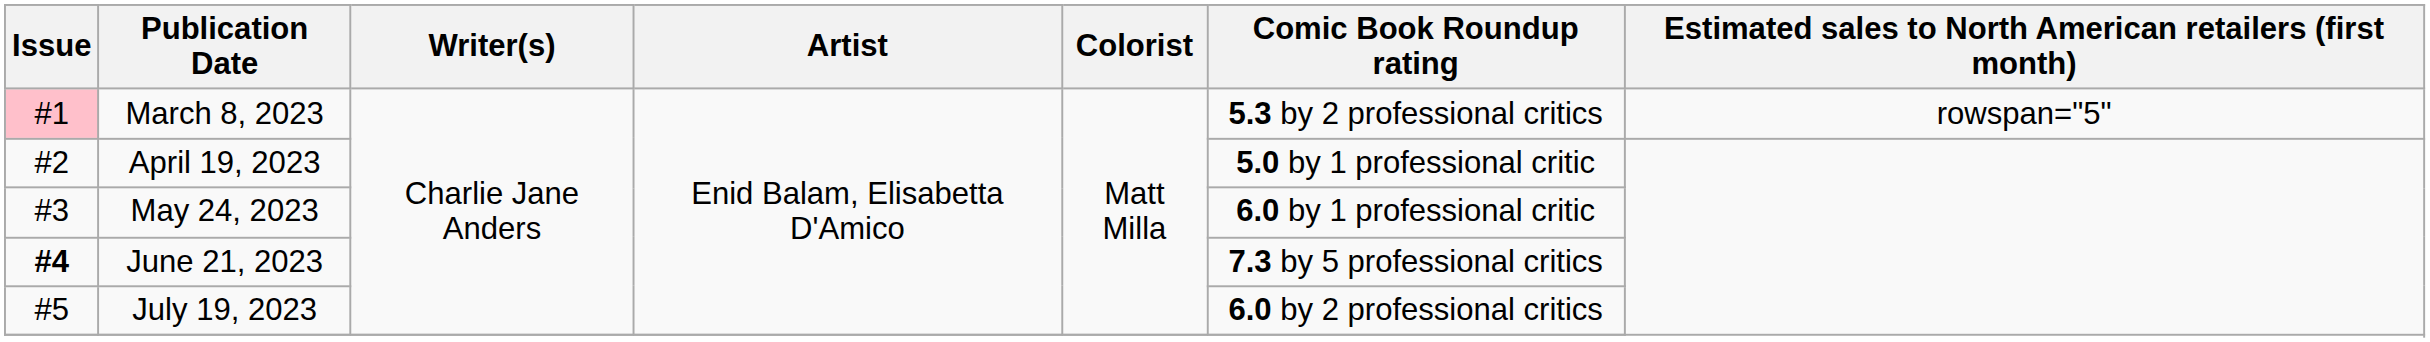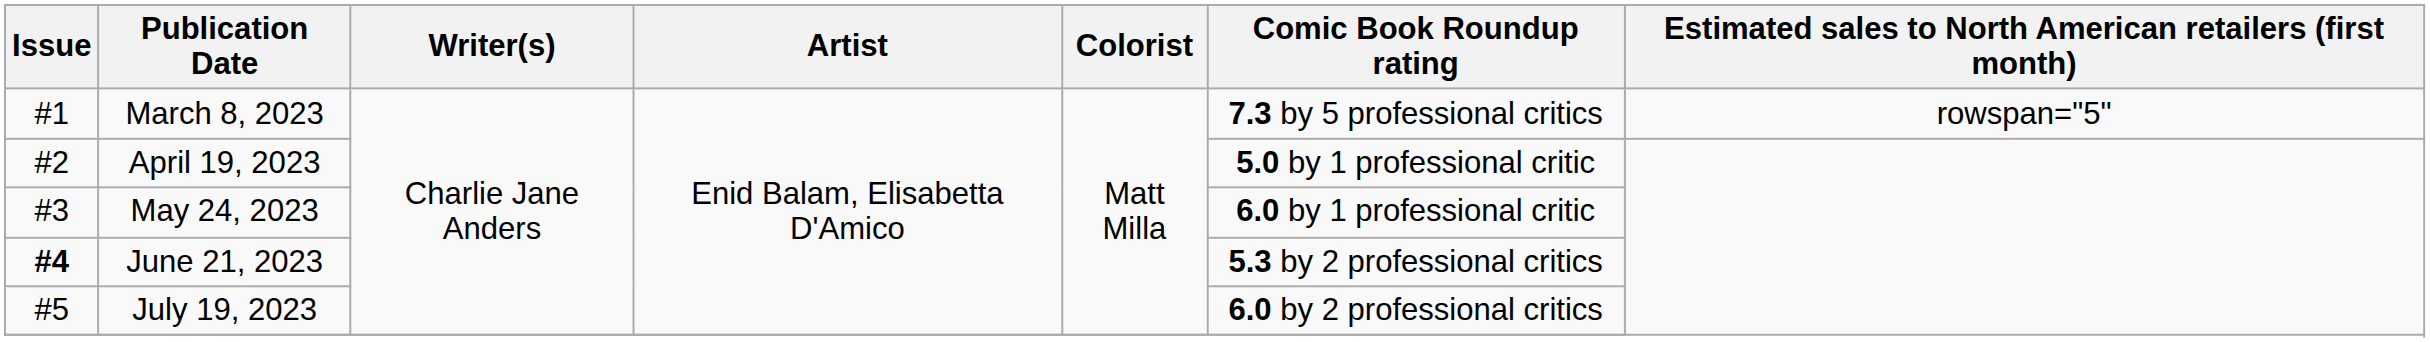 <table class="wikitable plainrowheaders" style="text-align:center;">
 <tr>
 <th scope="col"><strong>Issue</strong></th>
 <th scope="col"><strong>Publication Date</strong></th>
 <th scope="col"><strong>Writer(s)</strong></th>
 <th scope="col"><strong>Artist</strong></th>
 <th scope="col"><strong>Colorist</strong></th>
 <th scope="col"><strong>Comic Book Roundup rating</strong></th>
 <th scope="col"><strong>Estimated sales to North American retailers (first month)</strong></th>
 </tr>
 <tr>
-<td style="background: pink;">#1</td>
+<td>#1</td>
 <td>March 8, 2023</td>
 <td rowspan="5">Charlie Jane Anders</td>
 <td rowspan="5">Enid Balam, Elisabetta D'Amico</td>
 <td rowspan="5">Matt Milla</td>
-<td><strong>5.3</strong> by 2 professional critics</td>
+<td><strong>7.3</strong> by 5 professional critics</td>
 <td>rowspan="5" </td>
 </tr>
 <tr>
 <td>#2</td>
 <td>April 19, 2023</td>
 <td><strong>5.0</strong> by 1 professional critic</td>
 </tr>
 <tr>
 <td>#3</td>
 <td>May 24, 2023</td>
 <td><strong>6.0</strong> by 1 professional critic</td>
 </tr>
 <tr>
 <td><strong>#4</strong></td>
 <td>June 21, 2023</td>
-<td><strong>7.3</strong> by 5 professional critics</td>
+<td><strong>5.3</strong> by 2 professional critics</td>
 </tr>
 <tr>
 <td>#5</td>
 <td>July 19, 2023</td>
 <td><strong>6.0</strong> by 2 professional critics</td>
 </tr>
 <tr>
 </tr>
 </table>
